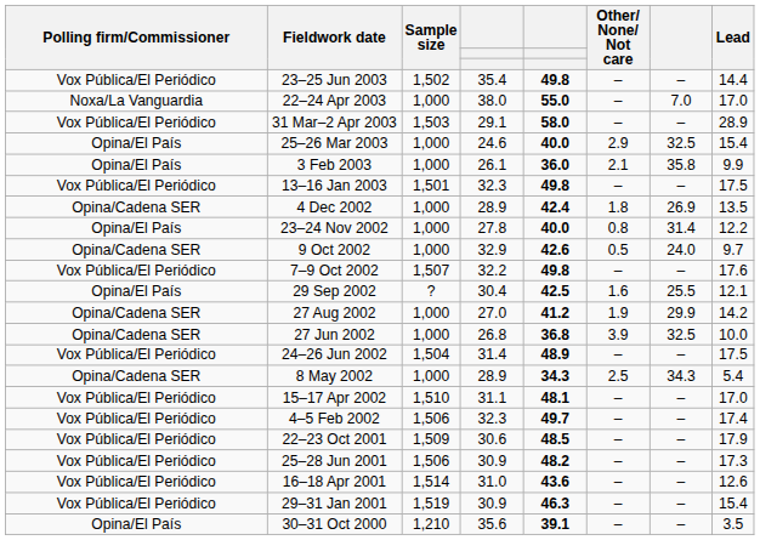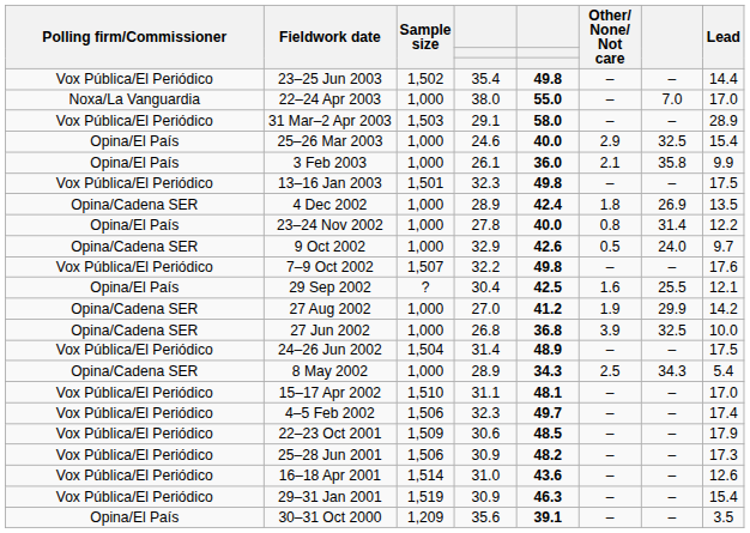 <table class="wikitable collapsible collapsed" style="text-align:center; font-size:90%; line-height:14px;">
 <tr style="height:42px;">
 <th style="width:250px;" rowspan="3">Polling firm/Commissioner</th>
 <th style="width:125px;" rowspan="3">Fieldwork date</th>
 <th style="width:50px;" rowspan="3">Sample size</th>
 <th style="width:55px;"></th>
 <th style="width:55px;"></th>
 <th style="width:55px;" rowspan="3">Other/<br>None/<br>Not<br>care</th>
 <th style="width:55px;" rowspan="3"></th>
 <th style="width:30px;" rowspan="3">Lead</th>
 </tr>
 <tr>
 <th style="color:inherit;background:"></th>
 <th style="color:inherit;background:"></th>
 </tr>
 <tr>
 <th></th>
 <th></th>
 </tr>
 <tr>
 <td>Vox Pública/El Periódico</td>
 <td>23–25 Jun 2003</td>
 <td>1,502</td>
 <td>35.4</td>
 <td><strong>49.8</strong></td>
 <td>–</td>
 <td>–</td>
 <td style="background:">14.4</td>
 </tr>
 <tr>
 <td>Noxa/La Vanguardia</td>
 <td>22–24 Apr 2003</td>
 <td>1,000</td>
 <td>38.0</td>
 <td><strong>55.0</strong></td>
 <td>–</td>
 <td>7.0</td>
 <td style="background:">17.0</td>
 </tr>
 <tr>
 <td>Vox Pública/El Periódico</td>
 <td>31 Mar–2 Apr 2003</td>
 <td>1,503</td>
 <td>29.1</td>
 <td><strong>58.0</strong></td>
 <td>–</td>
 <td>–</td>
 <td style="background:">28.9</td>
 </tr>
 <tr>
 <td>Opina/El País</td>
 <td>25–26 Mar 2003</td>
 <td>1,000</td>
 <td>24.6</td>
 <td><strong>40.0</strong></td>
 <td>2.9</td>
 <td>32.5</td>
 <td style="background:">15.4</td>
 </tr>
 <tr>
 <td>Opina/El País</td>
 <td>3 Feb 2003</td>
 <td>1,000</td>
 <td>26.1</td>
 <td><strong>36.0</strong></td>
 <td>2.1</td>
 <td>35.8</td>
 <td style="background:">9.9</td>
 </tr>
 <tr>
 <td>Vox Pública/El Periódico</td>
 <td>13–16 Jan 2003</td>
 <td>1,501</td>
 <td>32.3</td>
 <td><strong>49.8</strong></td>
 <td>–</td>
 <td>–</td>
 <td style="background:">17.5</td>
 </tr>
 <tr>
 <td>Opina/Cadena SER</td>
 <td>4 Dec 2002</td>
 <td>1,000</td>
 <td>28.9</td>
 <td><strong>42.4</strong></td>
 <td>1.8</td>
 <td>26.9</td>
 <td style="background:">13.5</td>
 </tr>
 <tr>
 <td>Opina/El País</td>
 <td>23–24 Nov 2002</td>
 <td>1,000</td>
 <td>27.8</td>
 <td><strong>40.0</strong></td>
 <td>0.8</td>
 <td>31.4</td>
 <td style="background:">12.2</td>
 </tr>
 <tr>
 <td>Opina/Cadena SER</td>
 <td>9 Oct 2002</td>
 <td>1,000</td>
 <td>32.9</td>
 <td><strong>42.6</strong></td>
 <td>0.5</td>
 <td>24.0</td>
 <td style="background:">9.7</td>
 </tr>
 <tr>
 <td>Vox Pública/El Periódico</td>
 <td>7–9 Oct 2002</td>
 <td>1,507</td>
 <td>32.2</td>
 <td><strong>49.8</strong></td>
 <td>–</td>
 <td>–</td>
 <td style="background:">17.6</td>
 </tr>
 <tr>
 <td>Opina/El País</td>
 <td>29 Sep 2002</td>
 <td>?</td>
 <td>30.4</td>
 <td><strong>42.5</strong></td>
 <td>1.6</td>
 <td>25.5</td>
 <td style="background:">12.1</td>
 </tr>
 <tr>
 <td>Opina/Cadena SER</td>
 <td>27 Aug 2002</td>
 <td>1,000</td>
 <td>27.0</td>
 <td><strong>41.2</strong></td>
 <td>1.9</td>
 <td>29.9</td>
 <td style="background:">14.2</td>
 </tr>
 <tr>
 <td>Opina/Cadena SER</td>
 <td>27 Jun 2002</td>
 <td>1,000</td>
 <td>26.8</td>
 <td><strong>36.8</strong></td>
 <td>3.9</td>
 <td>32.5</td>
 <td style="background:">10.0</td>
 </tr>
 <tr>
 <td>Vox Pública/El Periódico</td>
 <td>24–26 Jun 2002</td>
 <td>1,504</td>
 <td>31.4</td>
 <td><strong>48.9</strong></td>
 <td>–</td>
 <td>–</td>
 <td style="background:">17.5</td>
 </tr>
 <tr>
 <td>Opina/Cadena SER</td>
 <td>8 May 2002</td>
 <td>1,000</td>
 <td>28.9</td>
 <td><strong>34.3</strong></td>
 <td>2.5</td>
 <td>34.3</td>
 <td style="background:">5.4</td>
 </tr>
 <tr>
 <td>Vox Pública/El Periódico</td>
 <td>15–17 Apr 2002</td>
 <td>1,510</td>
 <td>31.1</td>
 <td><strong>48.1</strong></td>
 <td>–</td>
 <td>–</td>
 <td style="background:">17.0</td>
 </tr>
 <tr>
 <td>Vox Pública/El Periódico</td>
 <td>4–5 Feb 2002</td>
 <td>1,506</td>
 <td>32.3</td>
 <td><strong>49.7</strong></td>
 <td>–</td>
 <td>–</td>
 <td style="background:">17.4</td>
 </tr>
 <tr>
 <td>Vox Pública/El Periódico</td>
 <td>22–23 Oct 2001</td>
 <td>1,509</td>
 <td>30.6</td>
 <td><strong>48.5</strong></td>
 <td>–</td>
 <td>–</td>
 <td style="background:">17.9</td>
 </tr>
 <tr>
 <td>Vox Pública/El Periódico</td>
 <td>25–28 Jun 2001</td>
 <td>1,506</td>
 <td>30.9</td>
 <td><strong>48.2</strong></td>
 <td>–</td>
 <td>–</td>
 <td style="background:">17.3</td>
 </tr>
 <tr>
 <td>Vox Pública/El Periódico</td>
 <td>16–18 Apr 2001</td>
 <td>1,514</td>
 <td>31.0</td>
 <td><strong>43.6</strong></td>
 <td>–</td>
 <td>–</td>
 <td style="background:">12.6</td>
 </tr>
 <tr>
 <td>Vox Pública/El Periódico</td>
 <td>29–31 Jan 2001</td>
 <td>1,519</td>
 <td>30.9</td>
 <td><strong>46.3</strong></td>
 <td>–</td>
 <td>–</td>
 <td style="background:">15.4</td>
 </tr>
 <tr>
 <td>Opina/El País</td>
 <td>30–31 Oct 2000</td>
-<td>1,210</td>
+<td>1,209</td>
 <td>35.6</td>
 <td><strong>39.1</strong></td>
 <td>–</td>
 <td>–</td>
 <td style="background:">3.5</td>
 </tr>
 </table>
